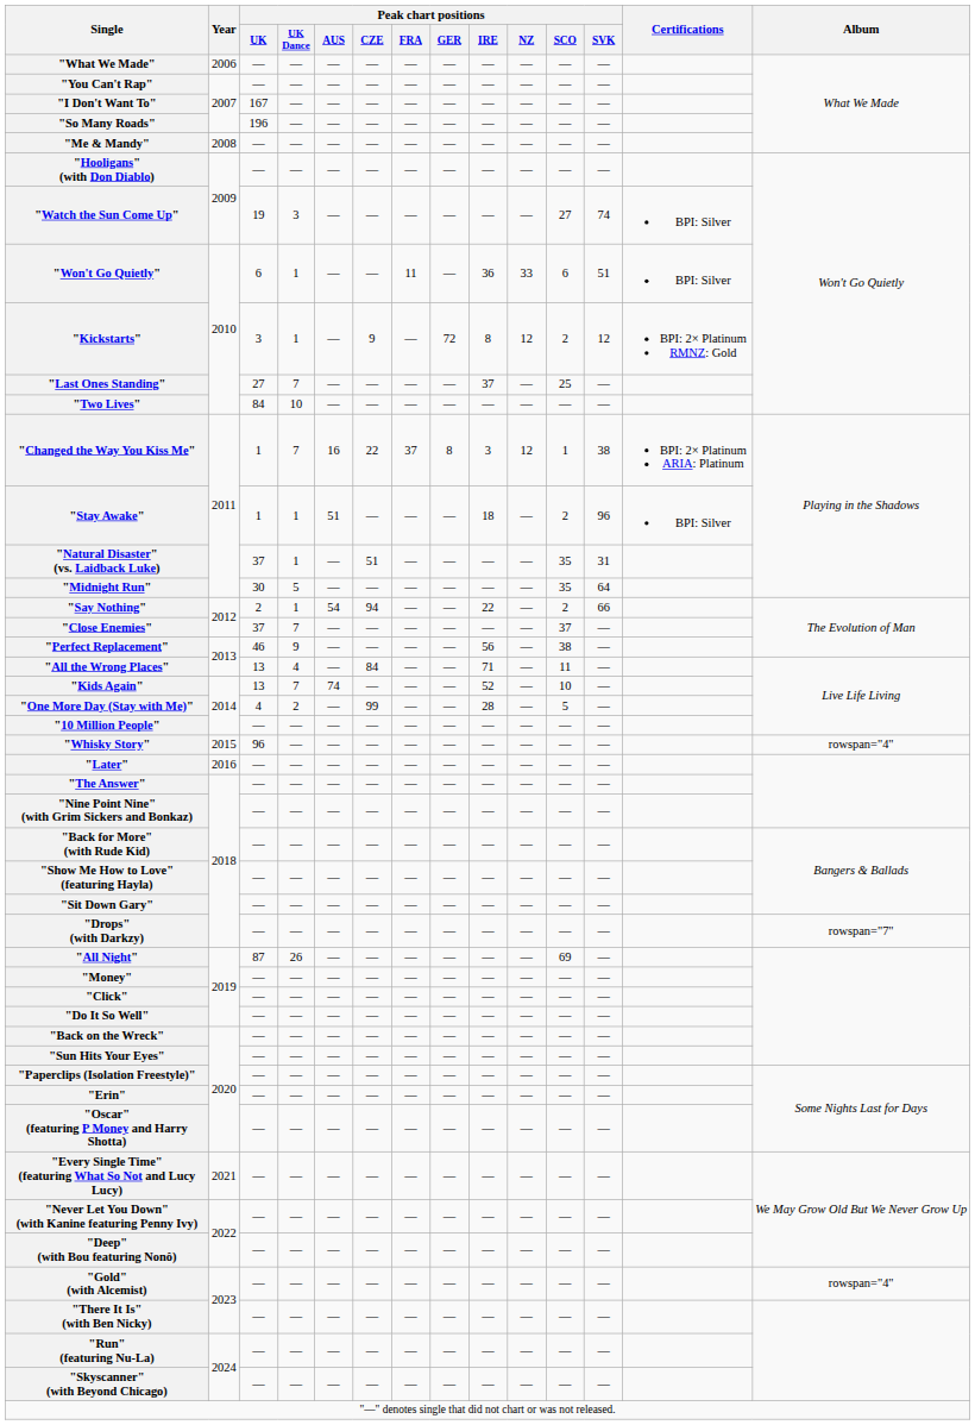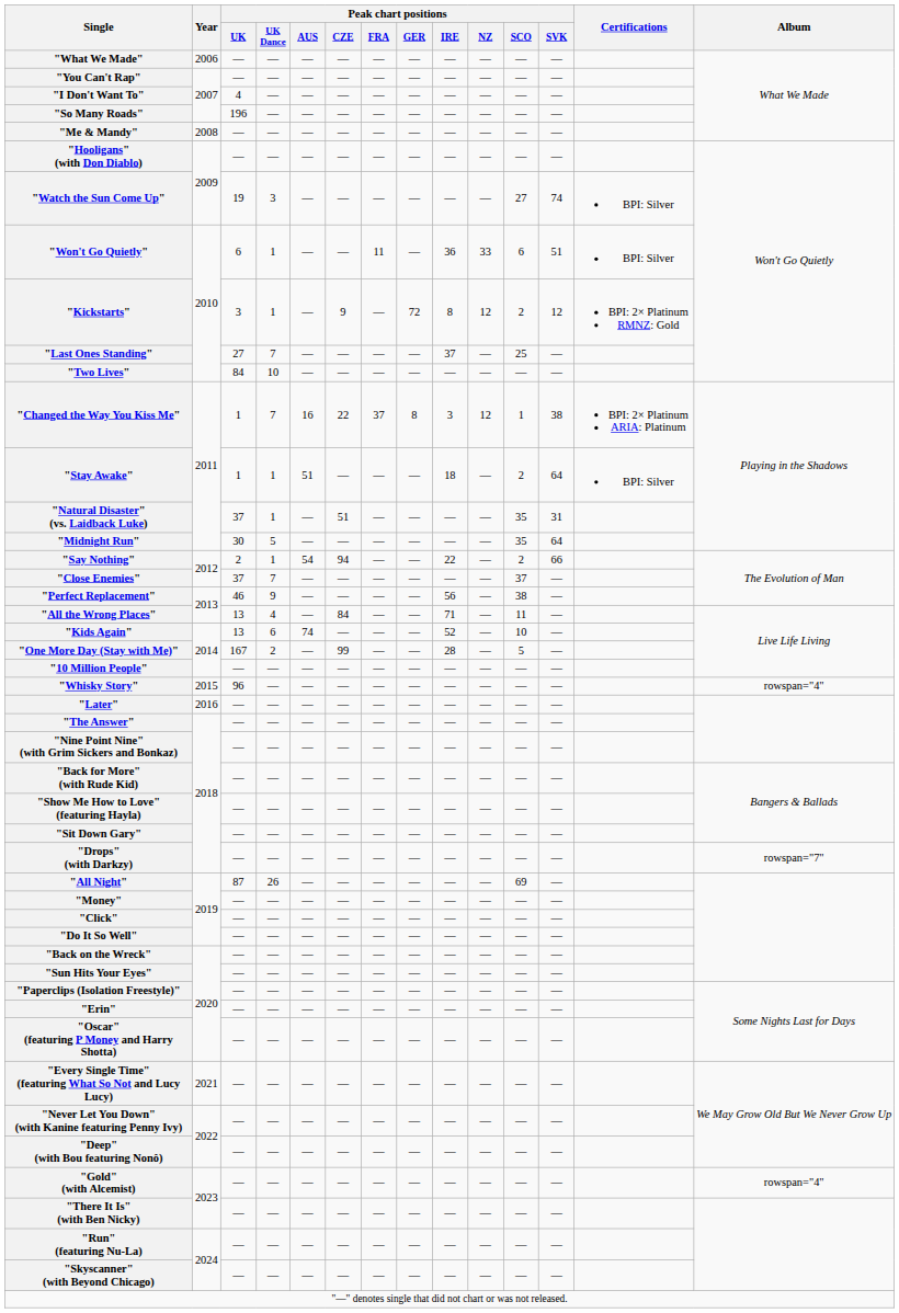 <table class="wikitable plainrowheaders" style="text-align:center;">
 <tr>
 <th scope="col" rowspan="2" style="width:16em;">Single</th>
 <th scope="col" rowspan="2">Year</th>
 <th scope="col" colspan="10">Peak chart positions</th>
 <th scope="col" rowspan="2" style="width:10em;"><a href='#'>Certifications</a></th>
 <th scope="col" rowspan="2">Album</th>
 </tr>
 <tr>
 <th scope="col" style="width:3em;font-size:90%;"><a href='#'>UK</a><br></th>
 <th scope="col" style="width:3em;font-size:85%;"><a href='#'>UK<br>Dance</a><br></th>
 <th scope="col" style="width:3em;font-size:90%;"><a href='#'>AUS</a><br></th>
 <th scope="col" style="width:3em;font-size:90%;"><a href='#'>CZE</a><br></th>
 <th scope="col" style="width:3em;font-size:90%;"><a href='#'>FRA</a><br></th>
 <th scope="col" style="width:3em;font-size:90%;"><a href='#'>GER</a><br></th>
 <th scope="col" style="width:3em;font-size:90%;"><a href='#'>IRE</a><br></th>
 <th scope="col" style="width:3em;font-size:90%;"><a href='#'>NZ</a><br></th>
 <th scope="col" style="width:3em;font-size:90%;"><a href='#'>SCO</a><br></th>
 <th scope="col" style="width:3em;font-size:90%;"><a href='#'>SVK</a><br></th>
 </tr>
 <tr>
 <th scope="row">"What We Made"</th>
 <td>2006</td>
 <td>—</td>
 <td>—</td>
 <td>—</td>
 <td>—</td>
 <td>—</td>
 <td>—</td>
 <td>—</td>
 <td>—</td>
 <td>—</td>
 <td>—</td>
 <td></td>
 <td rowspan="5"><em>What We Made</em></td>
 </tr>
 <tr>
 <th scope="row">"You Can't Rap"</th>
 <td rowspan="3">2007</td>
 <td>—</td>
 <td>—</td>
 <td>—</td>
 <td>—</td>
 <td>—</td>
 <td>—</td>
 <td>—</td>
 <td>—</td>
 <td>—</td>
 <td>—</td>
 <td></td>
 </tr>
 <tr>
 <th scope="row">"I Don't Want To"</th>
-<td>167</td>
+<td>4</td>
 <td>—</td>
 <td>—</td>
 <td>—</td>
 <td>—</td>
 <td>—</td>
 <td>—</td>
 <td>—</td>
 <td>—</td>
 <td>—</td>
 <td></td>
 </tr>
 <tr>
 <th scope="row">"So Many Roads"</th>
 <td>196</td>
 <td>—</td>
 <td>—</td>
 <td>—</td>
 <td>—</td>
 <td>—</td>
 <td>—</td>
 <td>—</td>
 <td>—</td>
 <td>—</td>
 <td></td>
 </tr>
 <tr>
 <th scope="row">"Me & Mandy"</th>
 <td>2008</td>
 <td>—</td>
 <td>—</td>
 <td>—</td>
 <td>—</td>
 <td>—</td>
 <td>—</td>
 <td>—</td>
 <td>—</td>
 <td>—</td>
 <td>—</td>
 <td></td>
 </tr>
 <tr>
 <th scope="row">"<a href='#'>Hooligans</a>"<br><span>(with <a href='#'>Don Diablo</a>)</span></th>
 <td rowspan="2">2009</td>
 <td>—</td>
 <td>—</td>
 <td>—</td>
 <td>—</td>
 <td>—</td>
 <td>—</td>
 <td>—</td>
 <td>—</td>
 <td>—</td>
 <td>—</td>
 <td></td>
 <td rowspan="6"><em>Won't Go Quietly</em></td>
 </tr>
 <tr>
 <th scope="row">"<a href='#'>Watch the Sun Come Up</a>"</th>
 <td>19</td>
 <td>3</td>
 <td>—</td>
 <td>—</td>
 <td>—</td>
 <td>—</td>
 <td>—</td>
 <td>—</td>
 <td>27</td>
 <td>74</td>
 <td><br><ul><li>BPI: Silver</li></ul></td>
 </tr>
 <tr>
 <th scope="row">"<a href='#'>Won't Go Quietly</a>"</th>
 <td rowspan="4">2010</td>
 <td>6</td>
 <td>1</td>
 <td>—</td>
 <td>—</td>
 <td>11</td>
 <td>—</td>
 <td>36</td>
 <td>33</td>
 <td>6</td>
 <td>51</td>
 <td><br><ul><li>BPI: Silver</li></ul></td>
 </tr>
 <tr>
 <th scope="row">"<a href='#'>Kickstarts</a>"</th>
 <td>3</td>
 <td>1</td>
 <td>—</td>
 <td>9</td>
 <td>—</td>
 <td>72</td>
 <td>8</td>
 <td>12</td>
 <td>2</td>
 <td>12</td>
 <td><br><ul><li>BPI: 2× Platinum</li><li><a href='#'>RMNZ</a>: Gold</li></ul></td>
 </tr>
 <tr>
 <th scope="row">"<a href='#'>Last Ones Standing</a>"</th>
 <td>27</td>
 <td>7</td>
 <td>—</td>
 <td>—</td>
 <td>—</td>
 <td>—</td>
 <td>37</td>
 <td>—</td>
 <td>25</td>
 <td>—</td>
 <td></td>
 </tr>
 <tr>
 <th scope="row">"<a href='#'>Two Lives</a>"</th>
 <td>84</td>
 <td>10</td>
 <td>—</td>
 <td>—</td>
 <td>—</td>
 <td>—</td>
 <td>—</td>
 <td>—</td>
 <td>—</td>
 <td>—</td>
 <td></td>
 </tr>
 <tr>
 <th scope="row">"<a href='#'>Changed the Way You Kiss Me</a>"</th>
 <td rowspan="4">2011</td>
 <td>1</td>
 <td>7</td>
 <td>16</td>
 <td>22</td>
 <td>37</td>
 <td>8</td>
 <td>3</td>
 <td>12</td>
 <td>1</td>
 <td>38</td>
 <td><br><ul><li>BPI: 2× Platinum</li><li><a href='#'>ARIA</a>: Platinum</li></ul></td>
 <td rowspan="4"><em>Playing in the Shadows</em></td>
 </tr>
 <tr>
 <th scope="row">"<a href='#'>Stay Awake</a>"</th>
 <td>1</td>
 <td>1</td>
 <td>51</td>
 <td>—</td>
 <td>—</td>
 <td>—</td>
 <td>18</td>
 <td>—</td>
 <td>2</td>
-<td>96</td>
+<td>64</td>
 <td><br><ul><li>BPI: Silver</li></ul></td>
 </tr>
 <tr>
 <th scope="row">"<a href='#'>Natural Disaster</a>"<br><span>(vs. <a href='#'>Laidback Luke</a>)</span></th>
 <td>37</td>
 <td>1</td>
 <td>—</td>
 <td>51</td>
 <td>—</td>
 <td>—</td>
 <td>—</td>
 <td>—</td>
 <td>35</td>
 <td>31</td>
 <td></td>
 </tr>
 <tr>
 <th scope="row">"<a href='#'>Midnight Run</a>"</th>
 <td>30</td>
 <td>5</td>
 <td>—</td>
 <td>—</td>
 <td>—</td>
 <td>—</td>
 <td>—</td>
 <td>—</td>
 <td>35</td>
 <td>64</td>
 <td></td>
 </tr>
 <tr>
 <th scope="row">"<a href='#'>Say Nothing</a>"</th>
 <td rowspan="2">2012</td>
 <td>2</td>
 <td>1</td>
 <td>54</td>
 <td>94</td>
 <td>—</td>
 <td>—</td>
 <td>22</td>
 <td>—</td>
 <td>2</td>
 <td>66</td>
 <td></td>
 <td rowspan="3"><em>The Evolution of Man</em></td>
 </tr>
 <tr>
 <th scope="row">"<a href='#'>Close Enemies</a>"</th>
 <td>37</td>
 <td>7</td>
 <td>—</td>
 <td>—</td>
 <td>—</td>
 <td>—</td>
 <td>—</td>
 <td>—</td>
 <td>37</td>
 <td>—</td>
 <td></td>
 </tr>
 <tr>
 <th scope="row">"<a href='#'>Perfect Replacement</a>"</th>
 <td rowspan="2">2013</td>
 <td>46</td>
 <td>9</td>
 <td>—</td>
 <td>—</td>
 <td>—</td>
 <td>—</td>
 <td>56</td>
 <td>—</td>
 <td>38</td>
 <td>—</td>
 <td></td>
 </tr>
 <tr>
 <th scope="row">"<a href='#'>All the Wrong Places</a>"</th>
 <td>13</td>
 <td>4</td>
 <td>—</td>
 <td>84</td>
 <td>—</td>
 <td>—</td>
 <td>71</td>
 <td>—</td>
 <td>11</td>
 <td>—</td>
 <td></td>
 <td rowspan="4"><em>Live Life Living</em></td>
 </tr>
 <tr>
 <th scope="row">"<a href='#'>Kids Again</a>"</th>
 <td rowspan="3">2014</td>
 <td>13</td>
-<td>7</td>
+<td>6</td>
 <td>74</td>
 <td>—</td>
 <td>—</td>
 <td>—</td>
 <td>52</td>
 <td>—</td>
 <td>10</td>
 <td>—</td>
 <td></td>
 </tr>
 <tr>
 <th scope="row">"<a href='#'>One More Day (Stay with Me)</a>"</th>
-<td>4</td>
+<td>167</td>
 <td>2</td>
 <td>—</td>
 <td>99</td>
 <td>—</td>
 <td>—</td>
 <td>28</td>
 <td>—</td>
 <td>5</td>
 <td>—</td>
 <td></td>
 </tr>
 <tr>
 <th scope="row">"<a href='#'>10 Million People</a>"</th>
 <td>—</td>
 <td>—</td>
 <td>—</td>
 <td>—</td>
 <td>—</td>
 <td>—</td>
 <td>—</td>
 <td>—</td>
 <td>—</td>
 <td>—</td>
 <td></td>
 </tr>
 <tr>
 <th scope="row">"<a href='#'>Whisky Story</a>"</th>
 <td>2015</td>
 <td>96</td>
 <td>—</td>
 <td>—</td>
 <td>—</td>
 <td>—</td>
 <td>—</td>
 <td>—</td>
 <td>—</td>
 <td>—</td>
 <td>—</td>
 <td></td>
 <td>rowspan="4" </td>
 </tr>
 <tr>
 <th scope="row">"<a href='#'>Later</a>"</th>
 <td>2016</td>
 <td>—</td>
 <td>—</td>
 <td>—</td>
 <td>—</td>
 <td>—</td>
 <td>—</td>
 <td>—</td>
 <td>—</td>
 <td>—</td>
 <td>—</td>
 <td></td>
 </tr>
 <tr>
 <th scope="row">"<a href='#'>The Answer</a>"</th>
 <td rowspan="6">2018</td>
 <td>—</td>
 <td>—</td>
 <td>—</td>
 <td>—</td>
 <td>—</td>
 <td>—</td>
 <td>—</td>
 <td>—</td>
 <td>—</td>
 <td>—</td>
 <td></td>
 </tr>
 <tr>
 <th scope="row">"Nine Point Nine"<br><span>(with Grim Sickers and Bonkaz)</span></th>
 <td>—</td>
 <td>—</td>
 <td>—</td>
 <td>—</td>
 <td>—</td>
 <td>—</td>
 <td>—</td>
 <td>—</td>
 <td>—</td>
 <td>—</td>
 <td></td>
 </tr>
 <tr>
 <th scope="row">"Back for More"<br><span>(with Rude Kid)</span></th>
 <td>—</td>
 <td>—</td>
 <td>—</td>
 <td>—</td>
 <td>—</td>
 <td>—</td>
 <td>—</td>
 <td>—</td>
 <td>—</td>
 <td>—</td>
 <td></td>
 <td rowspan="3"><em>Bangers & Ballads</em></td>
 </tr>
 <tr>
 <th scope="row">"Show Me How to Love"<br><span>(featuring Hayla)</span></th>
 <td>—</td>
 <td>—</td>
 <td>—</td>
 <td>—</td>
 <td>—</td>
 <td>—</td>
 <td>—</td>
 <td>—</td>
 <td>—</td>
 <td>—</td>
 <td></td>
 </tr>
 <tr>
 <th scope="row">"Sit Down Gary"</th>
 <td>—</td>
 <td>—</td>
 <td>—</td>
 <td>—</td>
 <td>—</td>
 <td>—</td>
 <td>—</td>
 <td>—</td>
 <td>—</td>
 <td>—</td>
 <td></td>
 </tr>
 <tr>
 <th scope="row">"Drops"<br><span>(with Darkzy)</span></th>
 <td>—</td>
 <td>—</td>
 <td>—</td>
 <td>—</td>
 <td>—</td>
 <td>—</td>
 <td>—</td>
 <td>—</td>
 <td>—</td>
 <td>—</td>
 <td></td>
 <td>rowspan="7" </td>
 </tr>
 <tr>
 <th scope="row">"<a href='#'>All Night</a>"</th>
 <td rowspan="4">2019</td>
 <td>87</td>
 <td>26</td>
 <td>—</td>
 <td>—</td>
 <td>—</td>
 <td>—</td>
 <td>—</td>
 <td>—</td>
 <td>69</td>
 <td>—</td>
 <td></td>
 </tr>
 <tr>
 <th scope="row">"Money"</th>
 <td>—</td>
 <td>—</td>
 <td>—</td>
 <td>—</td>
 <td>—</td>
 <td>—</td>
 <td>—</td>
 <td>—</td>
 <td>—</td>
 <td>—</td>
 <td></td>
 </tr>
 <tr>
 <th scope="row">"Click"</th>
 <td>—</td>
 <td>—</td>
 <td>—</td>
 <td>—</td>
 <td>—</td>
 <td>—</td>
 <td>—</td>
 <td>—</td>
 <td>—</td>
 <td>—</td>
 <td></td>
 </tr>
 <tr>
 <th scope="row">"Do It So Well"</th>
 <td>—</td>
 <td>—</td>
 <td>—</td>
 <td>—</td>
 <td>—</td>
 <td>—</td>
 <td>—</td>
 <td>—</td>
 <td>—</td>
 <td>—</td>
 <td></td>
 </tr>
 <tr>
 <th scope="row">"Back on the Wreck"</th>
 <td rowspan="5">2020</td>
 <td>—</td>
 <td>—</td>
 <td>—</td>
 <td>—</td>
 <td>—</td>
 <td>—</td>
 <td>—</td>
 <td>—</td>
 <td>—</td>
 <td>—</td>
 <td></td>
 </tr>
 <tr>
 <th scope="row">"Sun Hits Your Eyes"</th>
 <td>—</td>
 <td>—</td>
 <td>—</td>
 <td>—</td>
 <td>—</td>
 <td>—</td>
 <td>—</td>
 <td>—</td>
 <td>—</td>
 <td>—</td>
 <td></td>
 </tr>
 <tr>
 <th scope="row">"Paperclips (Isolation Freestyle)"</th>
 <td>—</td>
 <td>—</td>
 <td>—</td>
 <td>—</td>
 <td>—</td>
 <td>—</td>
 <td>—</td>
 <td>—</td>
 <td>—</td>
 <td>—</td>
 <td></td>
 <td rowspan="3"><em>Some Nights Last for Days</em></td>
 </tr>
 <tr>
 <th scope="row">"Erin"</th>
 <td>—</td>
 <td>—</td>
 <td>—</td>
 <td>—</td>
 <td>—</td>
 <td>—</td>
 <td>—</td>
 <td>—</td>
 <td>—</td>
 <td>—</td>
 <td></td>
 </tr>
 <tr>
 <th scope="row">"Oscar"<br><span>(featuring <a href='#'>P Money</a> and Harry Shotta)</span></th>
 <td>—</td>
 <td>—</td>
 <td>—</td>
 <td>—</td>
 <td>—</td>
 <td>—</td>
 <td>—</td>
 <td>—</td>
 <td>—</td>
 <td>—</td>
 <td></td>
 </tr>
 <tr>
 <th scope="row">"Every Single Time"<br><span>(featuring <a href='#'>What So Not</a> and Lucy Lucy)</span></th>
 <td>2021</td>
 <td>—</td>
 <td>—</td>
 <td>—</td>
 <td>—</td>
 <td>—</td>
 <td>—</td>
 <td>—</td>
 <td>—</td>
 <td>—</td>
 <td>—</td>
 <td></td>
 <td rowspan="3"><em>We May Grow Old But We Never Grow Up</em></td>
 </tr>
 <tr>
 <th scope="row">"Never Let You Down" <br><span>(with Kanine featuring Penny Ivy)</span></th>
 <td rowspan="2">2022</td>
 <td>—</td>
 <td>—</td>
 <td>—</td>
 <td>—</td>
 <td>—</td>
 <td>—</td>
 <td>—</td>
 <td>—</td>
 <td>—</td>
 <td>—</td>
 <td></td>
 </tr>
 <tr>
 <th scope="row">"Deep"<br><span>(with Bou featuring Nonô)</span></th>
 <td>—</td>
 <td>—</td>
 <td>—</td>
 <td>—</td>
 <td>—</td>
 <td>—</td>
 <td>—</td>
 <td>—</td>
 <td>—</td>
 <td>—</td>
 <td></td>
 </tr>
 <tr>
 <th scope="row">"Gold"<br><span>(with Alcemist)</span></th>
 <td rowspan="2">2023</td>
 <td>—</td>
 <td>—</td>
 <td>—</td>
 <td>—</td>
 <td>—</td>
 <td>—</td>
 <td>—</td>
 <td>—</td>
 <td>—</td>
 <td>—</td>
 <td></td>
 <td>rowspan="4" </td>
 </tr>
 <tr>
 <th scope="row">"There It Is"<br><span>(with Ben Nicky)</span></th>
 <td>—</td>
 <td>—</td>
 <td>—</td>
 <td>—</td>
 <td>—</td>
 <td>—</td>
 <td>—</td>
 <td>—</td>
 <td>—</td>
 <td>—</td>
 <td></td>
 </tr>
 <tr>
 <th scope="row">"Run"<br><span>(featuring Nu-La)</span></th>
 <td rowspan="2">2024</td>
 <td>—</td>
 <td>—</td>
 <td>—</td>
 <td>—</td>
 <td>—</td>
 <td>—</td>
 <td>—</td>
 <td>—</td>
 <td>—</td>
 <td>—</td>
 <td></td>
 </tr>
 <tr>
 <th scope="row">"Skyscanner"<br><span>(with Beyond Chicago)</span></th>
 <td>—</td>
 <td>—</td>
 <td>—</td>
 <td>—</td>
 <td>—</td>
 <td>—</td>
 <td>—</td>
 <td>—</td>
 <td>—</td>
 <td>—</td>
 <td></td>
 </tr>
 <tr>
 <td colspan="15" style="font-size:90%">"—" denotes single that did not chart or was not released.</td>
 </tr>
 </table>
